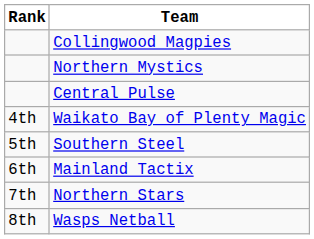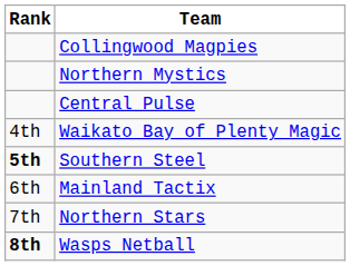 <table class="wikitable collapsible">
 <tr>
 <th style="background:white;">Rank</th>
 <th style="background:white;">Team</th>
 </tr>
 <tr>
 <td></td>
 <td> <a href='#'>Collingwood Magpies</a></td>
 </tr>
 <tr>
 <td></td>
 <td> <a href='#'>Northern Mystics</a></td>
 </tr>
 <tr>
 <td></td>
 <td> <a href='#'>Central Pulse</a></td>
 </tr>
 <tr>
 <td>4th</td>
 <td> <a href='#'>Waikato Bay of Plenty Magic</a></td>
 </tr>
 <tr>
-<td>5th</td>
+<td><strong>5th</strong></td>
 <td> <a href='#'>Southern Steel</a></td>
 </tr>
 <tr>
 <td>6th</td>
 <td> <a href='#'>Mainland Tactix</a></td>
 </tr>
 <tr>
 <td>7th</td>
 <td> <a href='#'>Northern Stars</a></td>
 </tr>
 <tr>
-<td>8th</td>
+<td><strong>8th</strong></td>
 <td> <a href='#'>Wasps Netball</a></td>
 </tr>
 </table>
